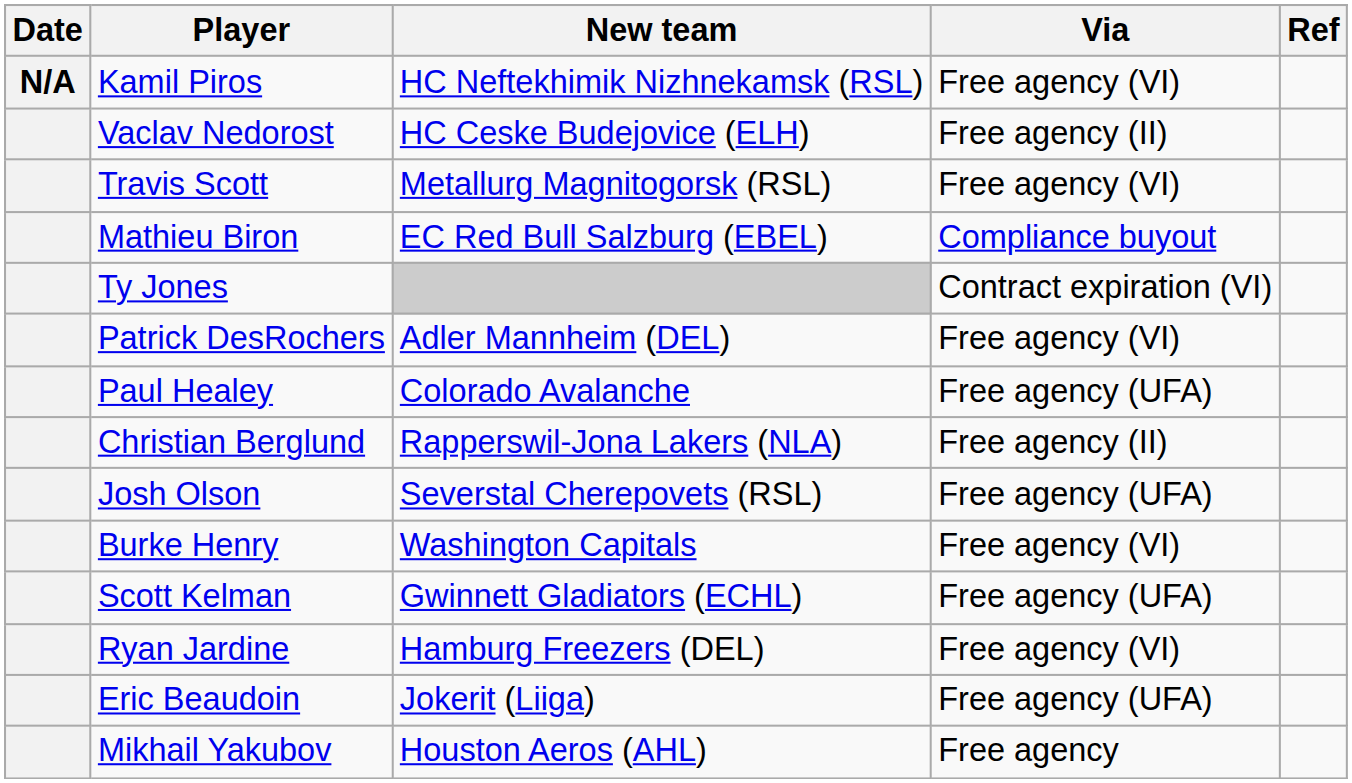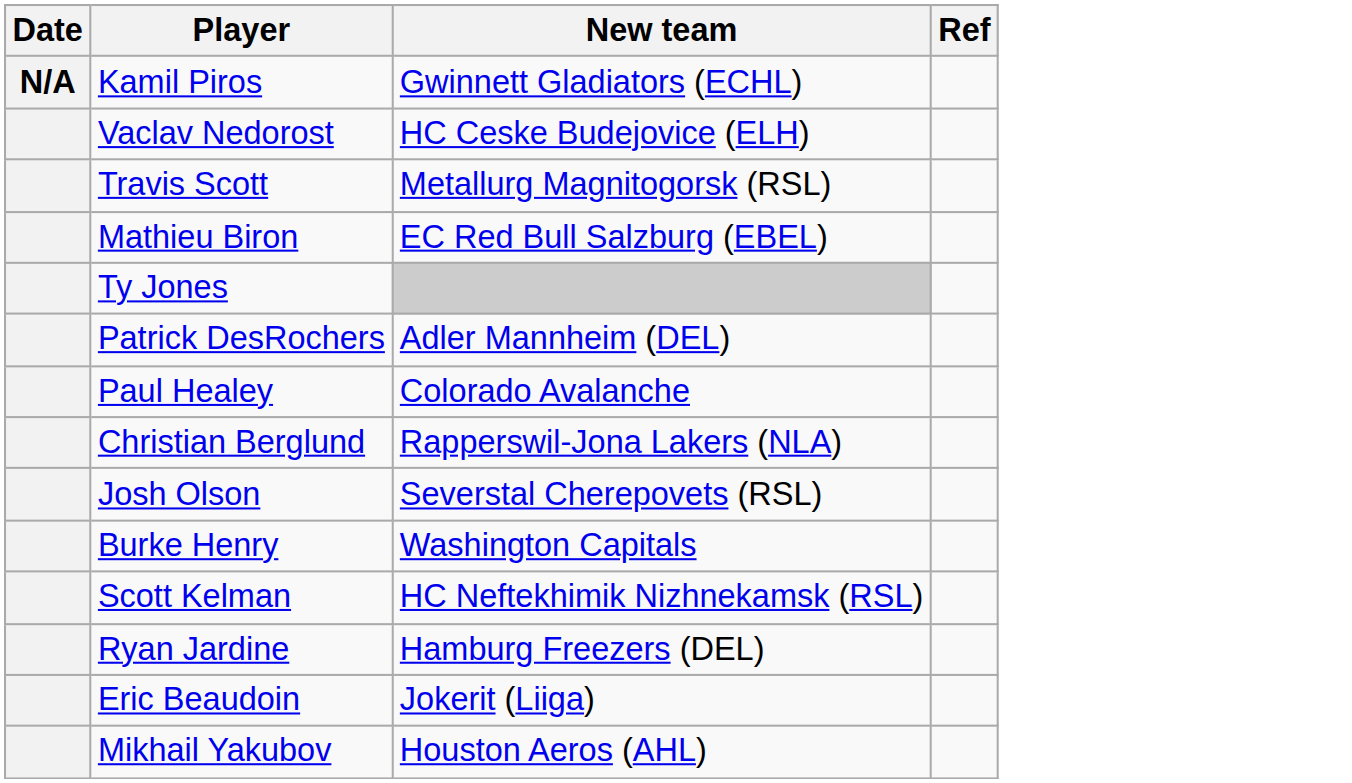 <table class="wikitable plainrowheaders">
 <tr style="background:#ddd; text-align:center;">
 <th>Date</th>
 <th>Player</th>
 <th>New team</th>
-<th>Via</th>
 <th>Ref</th>
 </tr>
 <tr>
 <th scope="row">N/A</th>
 <td><a href='#'>Kamil Piros</a></td>
-<td><a href='#'>HC Neftekhimik Nizhnekamsk</a> (<a href='#'>RSL</a>)</td>
-<td>Free agency (VI)</td>
+<td><a href='#'>Gwinnett Gladiators</a> (<a href='#'>ECHL</a>)</td>
 <td></td>
 </tr>
 <tr>
 <th scope="row"></th>
 <td><a href='#'>Vaclav Nedorost</a></td>
 <td><a href='#'>HC Ceske Budejovice</a> (<a href='#'>ELH</a>)</td>
-<td>Free agency (II)</td>
 <td></td>
 </tr>
 <tr>
 <th scope="row"></th>
 <td><a href='#'>Travis Scott</a></td>
 <td><a href='#'>Metallurg Magnitogorsk</a> (RSL)</td>
-<td>Free agency (VI)</td>
 <td></td>
 </tr>
 <tr>
 <th scope="row"></th>
 <td><a href='#'>Mathieu Biron</a></td>
 <td><a href='#'>EC Red Bull Salzburg</a> (<a href='#'>EBEL</a>)</td>
-<td><a href='#'>Compliance buyout</a></td>
 <td></td>
 </tr>
 <tr>
 <th scope="row"></th>
 <td><a href='#'>Ty Jones</a></td>
 <td style="background:#ccc"></td>
-<td>Contract expiration (VI)</td>
 <td></td>
 </tr>
 <tr>
 <th scope="row"></th>
 <td><a href='#'>Patrick DesRochers</a></td>
 <td><a href='#'>Adler Mannheim</a> (<a href='#'>DEL</a>)</td>
-<td>Free agency (VI)</td>
 <td></td>
 </tr>
 <tr>
 <th scope="row"></th>
 <td><a href='#'>Paul Healey</a></td>
 <td><a href='#'>Colorado Avalanche</a></td>
-<td>Free agency (UFA)</td>
 <td></td>
 </tr>
 <tr>
 <th scope="row"></th>
 <td><a href='#'>Christian Berglund</a></td>
 <td><a href='#'>Rapperswil-Jona Lakers</a> (<a href='#'>NLA</a>)</td>
-<td>Free agency (II)</td>
 <td></td>
 </tr>
 <tr>
 <th scope="row"></th>
 <td><a href='#'>Josh Olson</a></td>
 <td><a href='#'>Severstal Cherepovets</a> (RSL)</td>
-<td>Free agency (UFA)</td>
 <td></td>
 </tr>
 <tr>
 <th scope="row"></th>
 <td><a href='#'>Burke Henry</a></td>
 <td><a href='#'>Washington Capitals</a></td>
-<td>Free agency (VI)</td>
 <td></td>
 </tr>
 <tr>
 <th scope="row"></th>
 <td><a href='#'>Scott Kelman</a></td>
-<td><a href='#'>Gwinnett Gladiators</a> (<a href='#'>ECHL</a>)</td>
-<td>Free agency (UFA)</td>
+<td><a href='#'>HC Neftekhimik Nizhnekamsk</a> (<a href='#'>RSL</a>)</td>
 <td></td>
 </tr>
 <tr>
 <th scope="row"></th>
 <td><a href='#'>Ryan Jardine</a></td>
 <td><a href='#'>Hamburg Freezers</a> (DEL)</td>
-<td>Free agency (VI)</td>
 <td></td>
 </tr>
 <tr>
 <th scope="row"></th>
 <td><a href='#'>Eric Beaudoin</a></td>
 <td><a href='#'>Jokerit</a> (<a href='#'>Liiga</a>)</td>
-<td>Free agency (UFA)</td>
 <td></td>
 </tr>
 <tr>
 <th scope="row"></th>
 <td><a href='#'>Mikhail Yakubov</a></td>
 <td><a href='#'>Houston Aeros</a> (<a href='#'>AHL</a>)</td>
-<td>Free agency</td>
 <td></td>
 </tr>
 </table>
